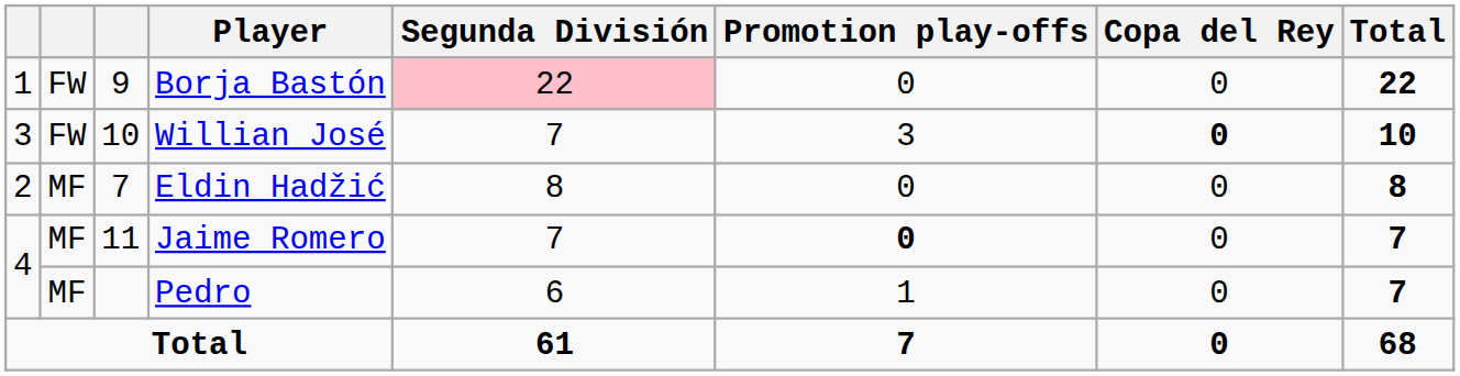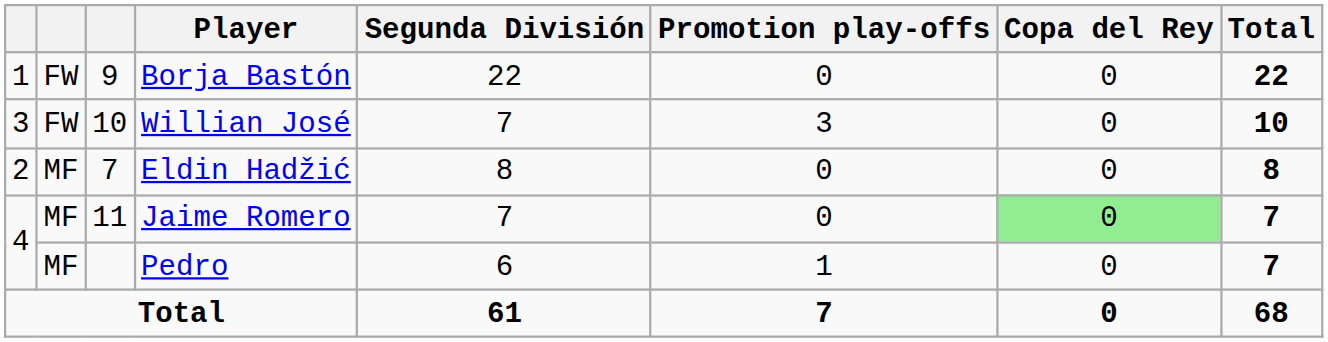 <table class="wikitable sortable" style="text-align:center">
 <tr>
 <th></th>
 <th></th>
 <th></th>
 <th>Player</th>
 <th>Segunda División</th>
 <th>Promotion play-offs</th>
 <th>Copa del Rey</th>
 <th><strong>Total</strong></th>
 </tr>
 <tr>
 <td>1</td>
 <td>FW</td>
 <td>9</td>
 <td style="text-align:left;"> <a href='#'>Borja Bastón</a></td>
-<td style="background: pink;">22</td>
+<td>22</td>
 <td>0</td>
 <td>0</td>
 <td><strong>22</strong></td>
 </tr>
 <tr>
 <td>3</td>
 <td>FW</td>
 <td>10</td>
 <td style="text-align:left;"> <a href='#'>Willian José</a></td>
 <td>7</td>
 <td>3</td>
-<td><strong>0</strong></td>
+<td>0</td>
 <td><strong>10</strong></td>
 </tr>
 <tr>
 <td>2</td>
 <td>MF</td>
 <td>7</td>
 <td style="text-align:left;"> <a href='#'>Eldin Hadžić</a></td>
 <td>8</td>
 <td>0</td>
 <td>0</td>
 <td><strong>8</strong></td>
 </tr>
 <tr>
 <td rowspan=2>4</td>
 <td>MF</td>
 <td>11</td>
 <td style="text-align:left;"> <a href='#'>Jaime Romero</a></td>
 <td>7</td>
-<td><strong>0</strong></td>
 <td>0</td>
+<td style="background: lightgreen;">0</td>
 <td><strong>7</strong></td>
 </tr>
 <tr>
 <td>MF</td>
 <td></td>
 <td style="text-align:left;"> <a href='#'>Pedro</a></td>
 <td>6</td>
 <td>1</td>
 <td>0</td>
 <td><strong>7</strong></td>
 </tr>
 <tr class="sortbottom">
 <td colspan="4"><strong>Total</strong></td>
 <td><strong>61</strong></td>
 <td><strong>7</strong></td>
 <td><strong>0</strong></td>
 <td><strong>68</strong></td>
 </tr>
 </table>
